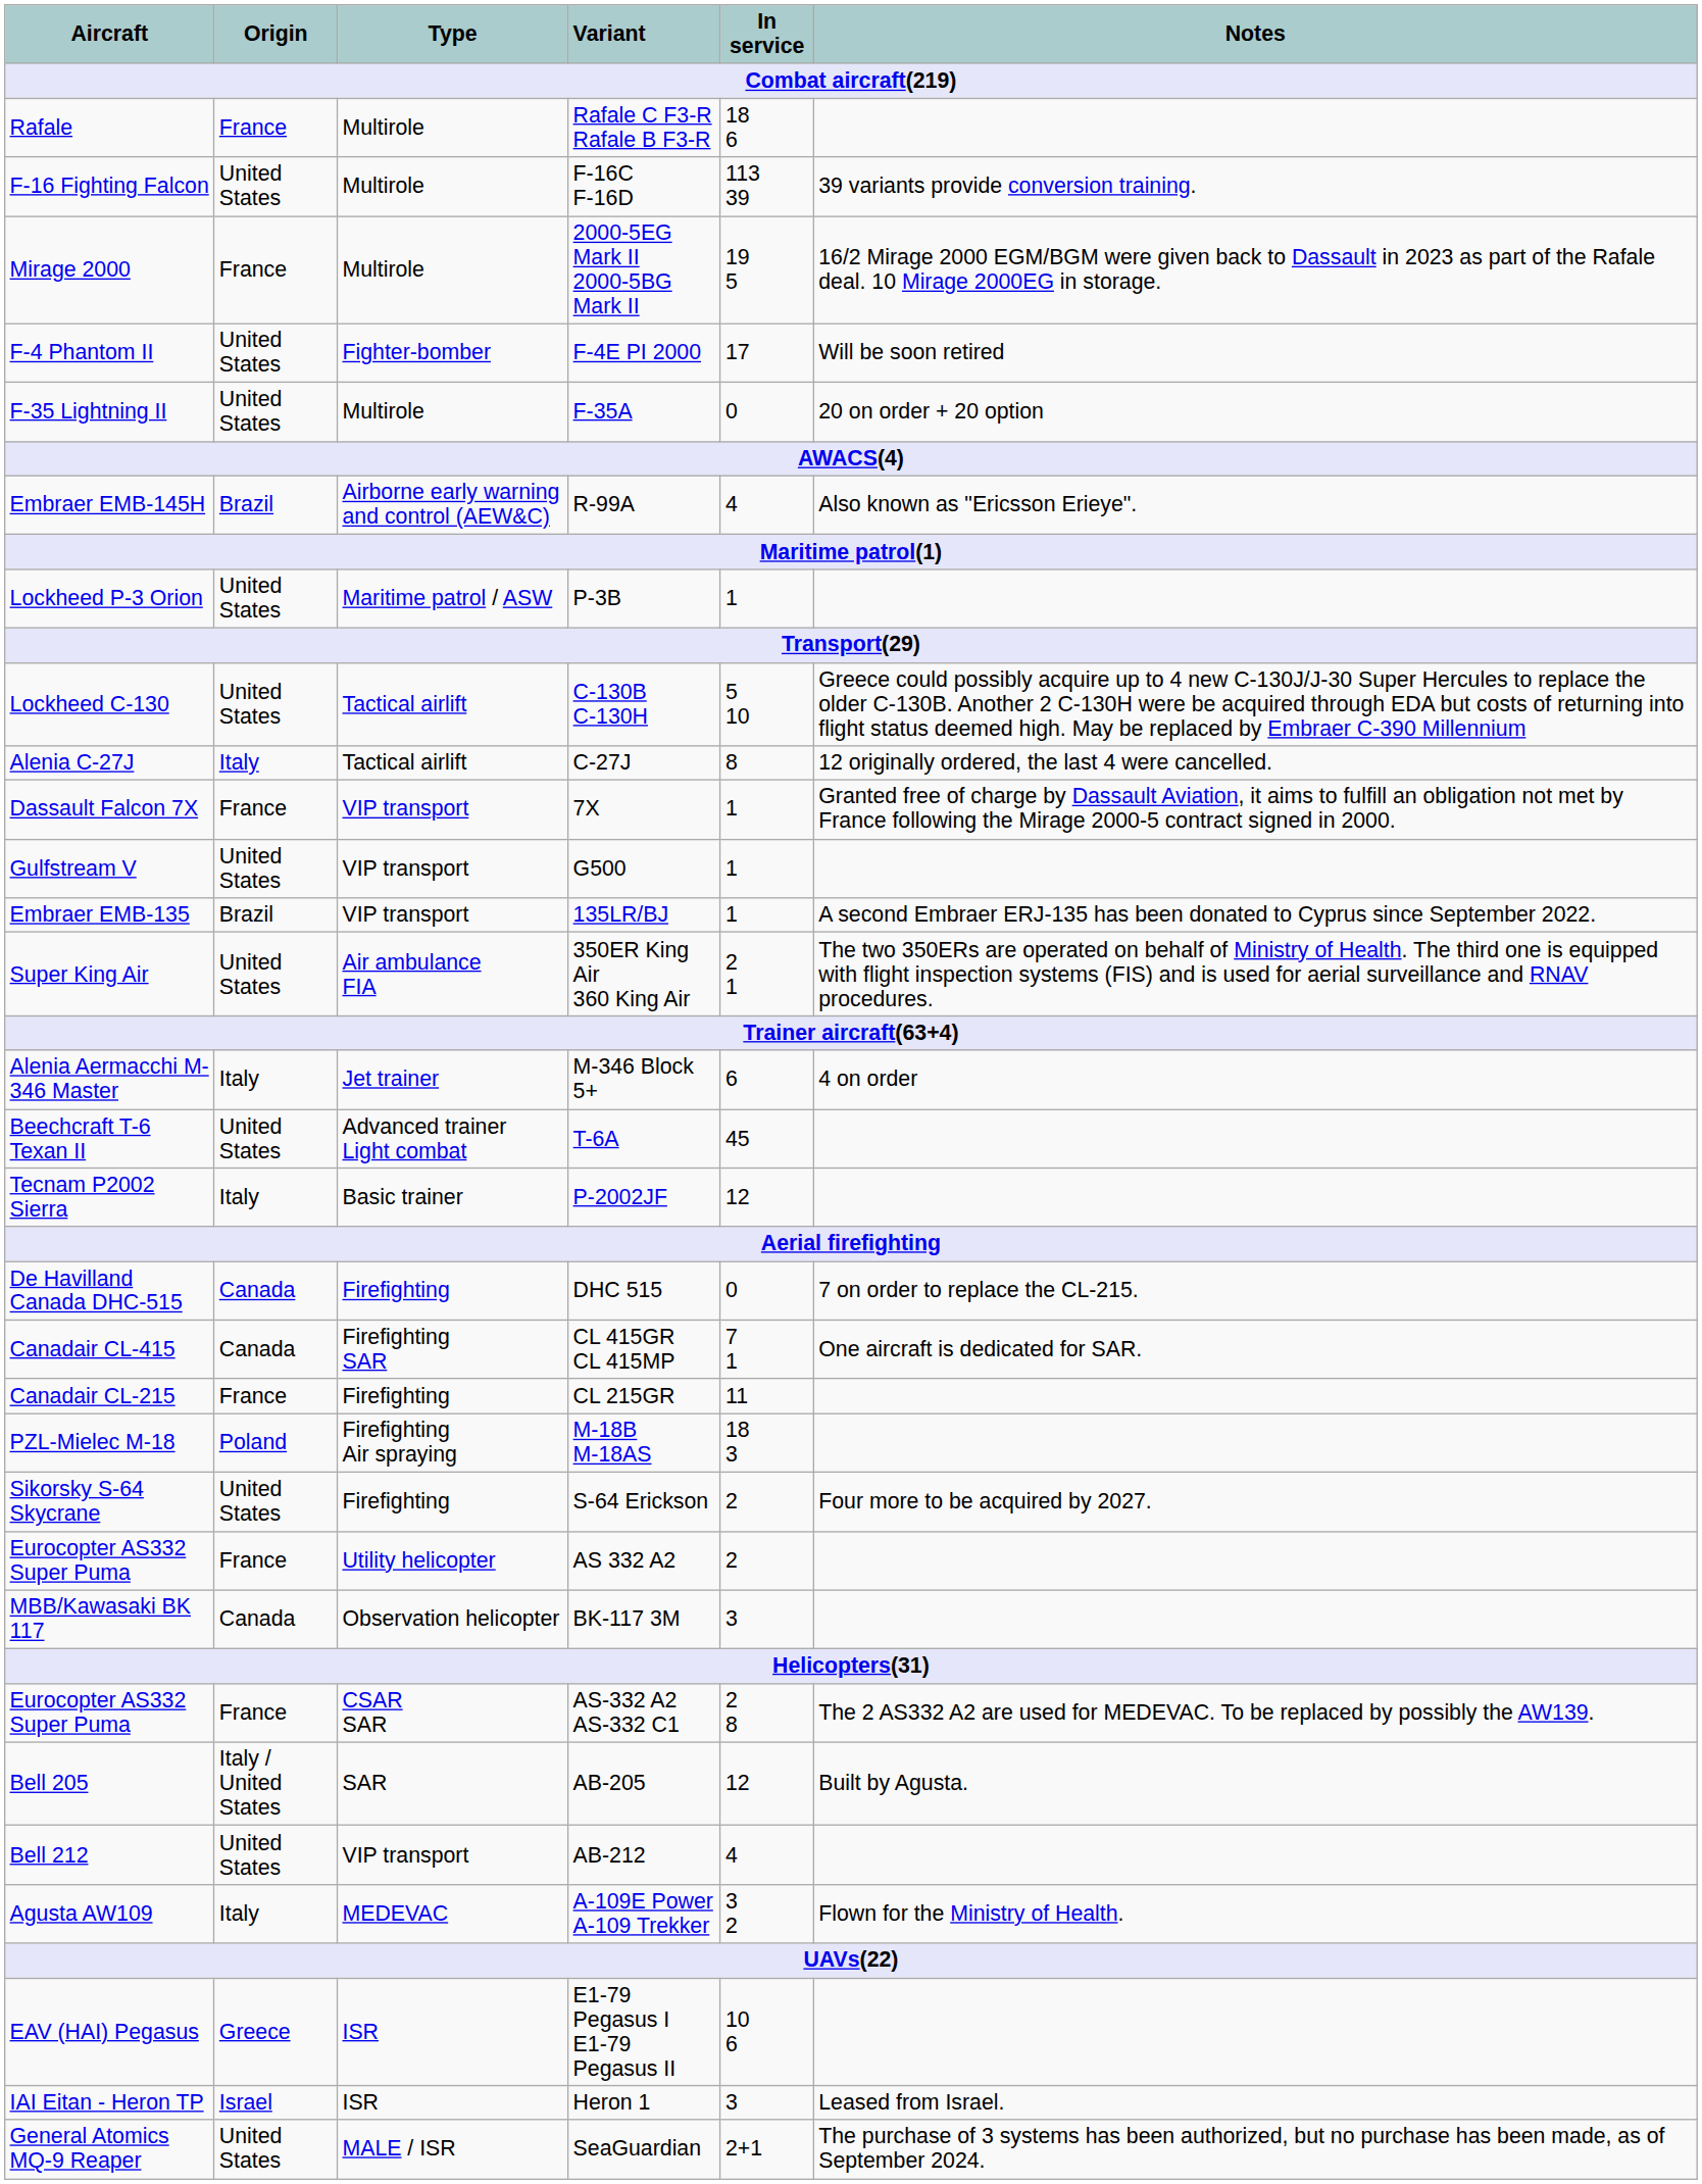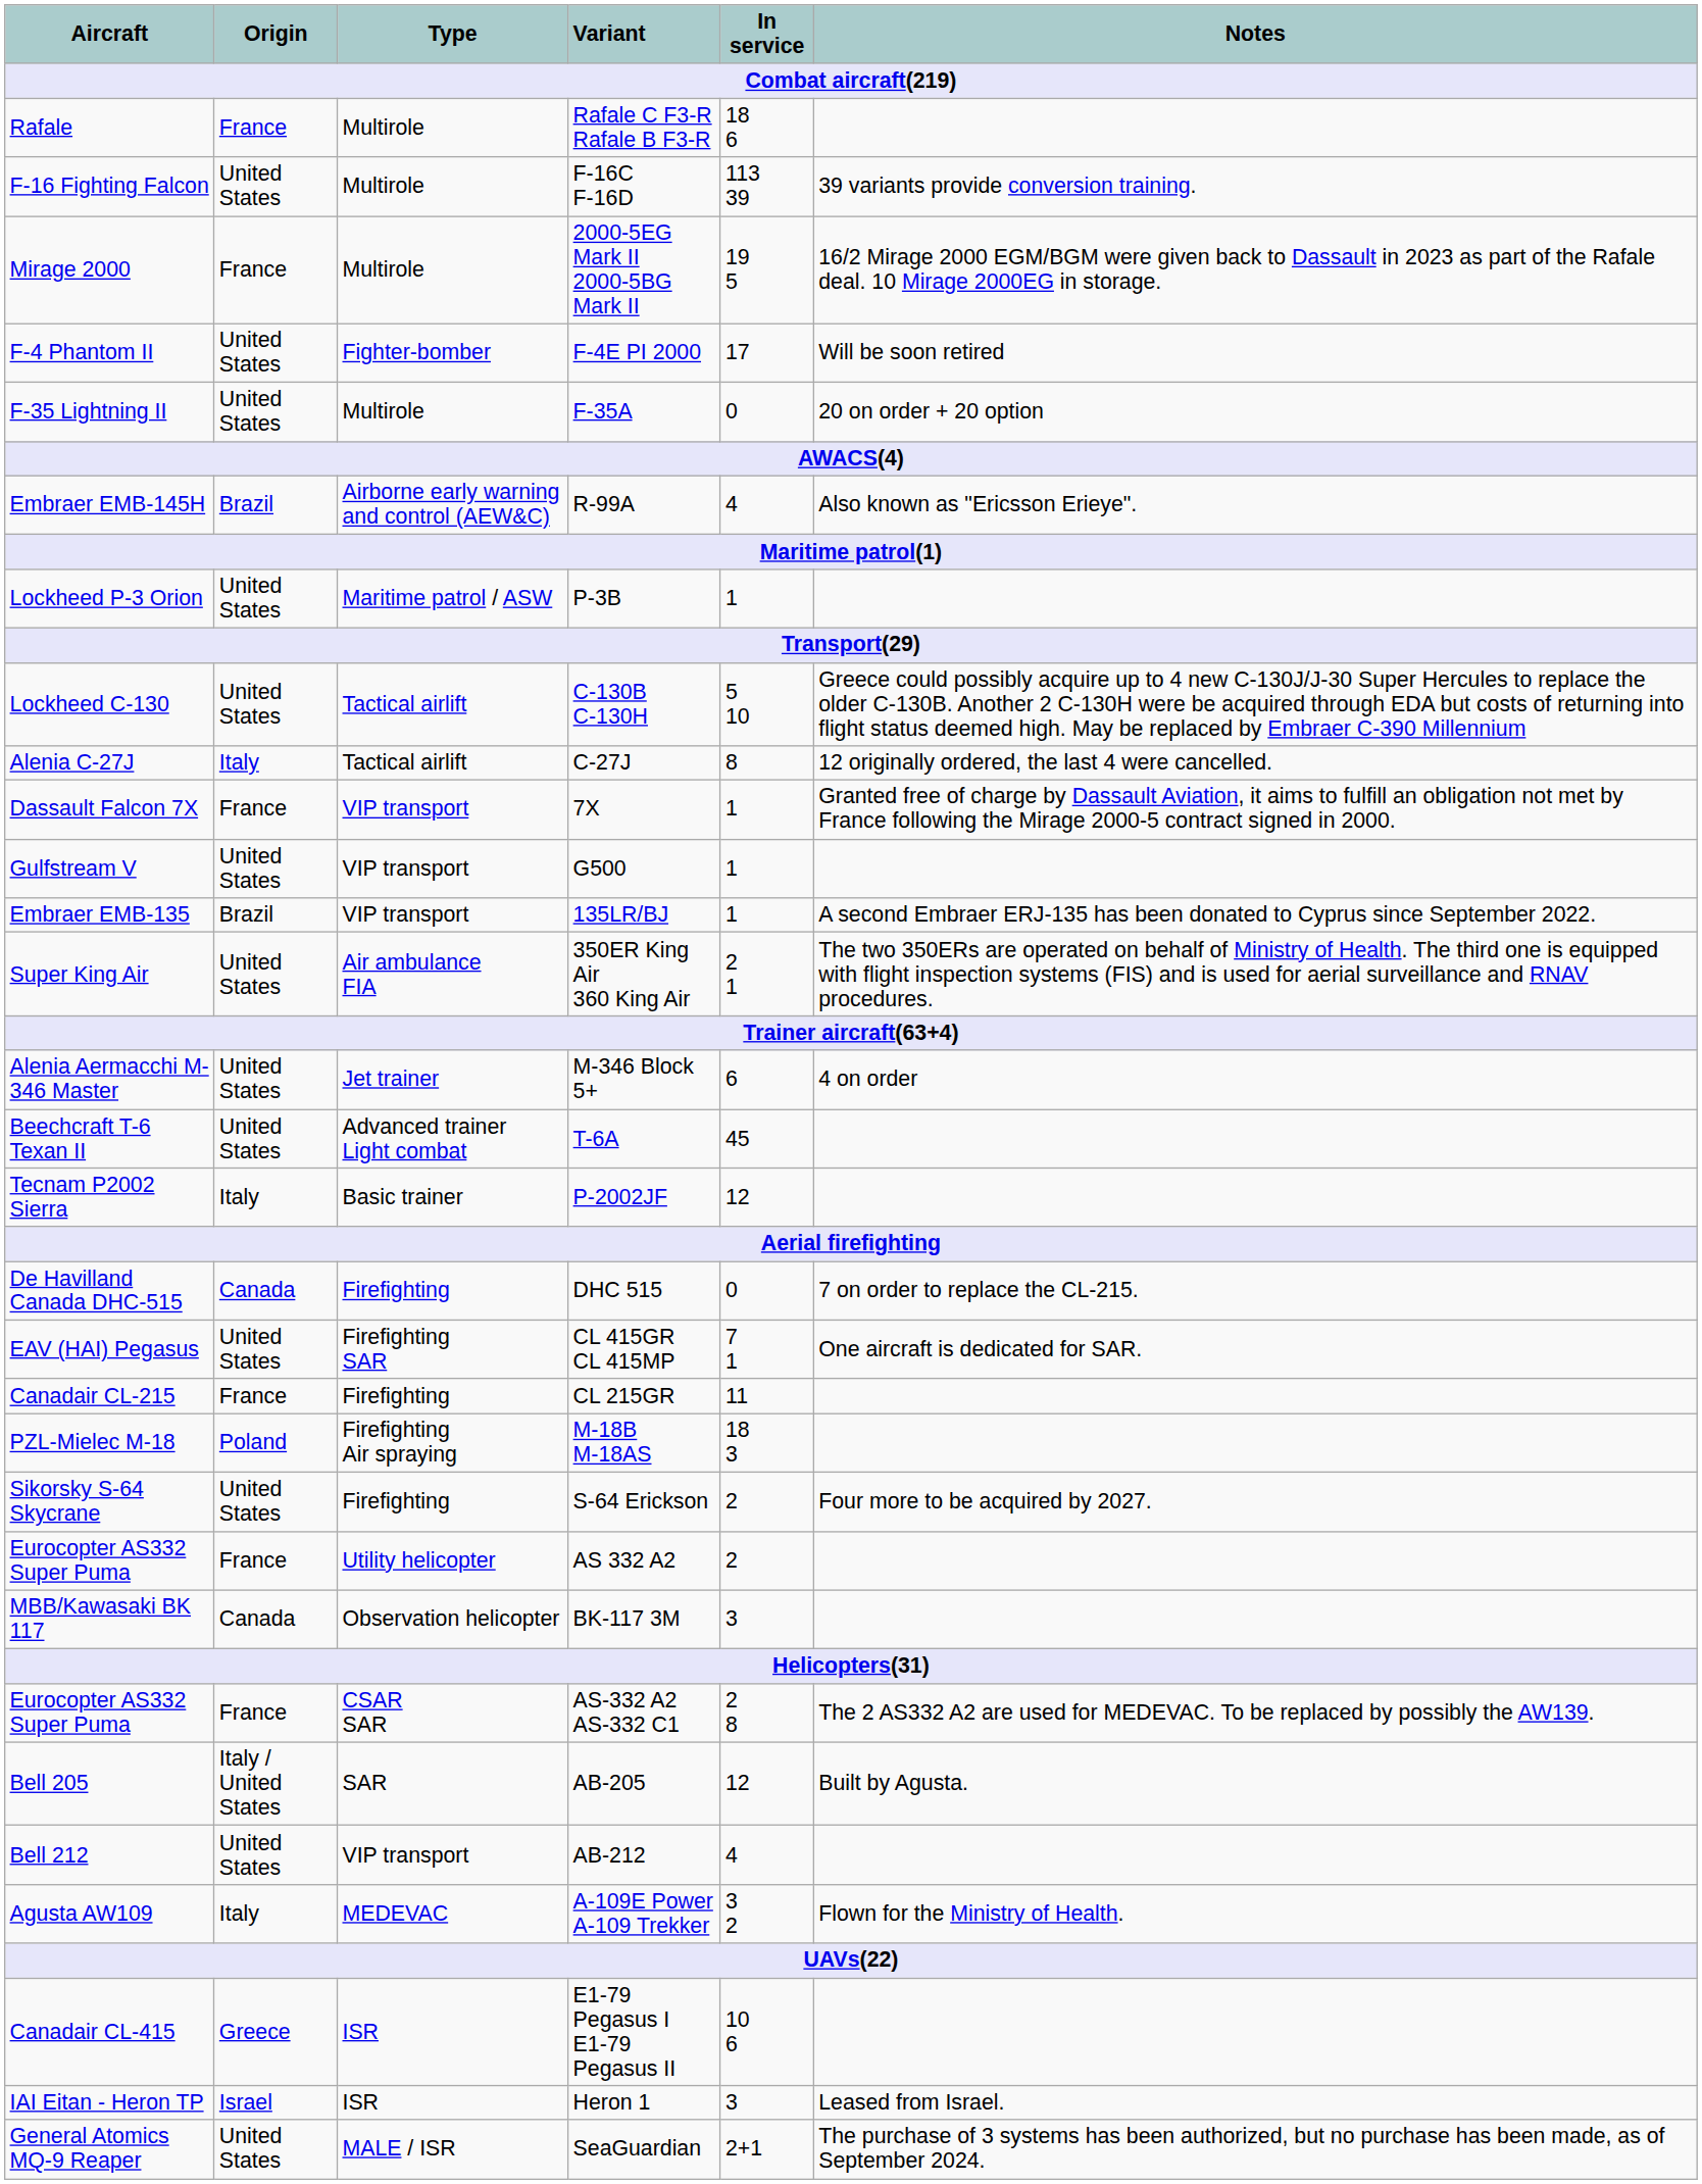 <table class="wikitable">
 <tr>
 <th style="text-align:center; background:#acc;">Aircraft</th>
 <th style="text-align: center; background:#acc;">Origin</th>
 <th style="text-align:l center; background:#acc;">Type</th>
 <th style="text-align:left; background:#acc;">Variant</th>
 <th style="text-align:center; background:#acc;">In service</th>
 <th style="text-align: center; background:#acc;">Notes</th>
 </tr>
 <tr>
 <th style="align: center; background: lavender;" colspan="7"><a href='#'>Combat aircraft</a>(219)</th>
 </tr>
 <tr>
 <td><a href='#'>Rafale</a></td>
 <td><a href='#'>France</a></td>
 <td>Multirole</td>
 <td><a href='#'>Rafale C F3-R</a><br><a href='#'>Rafale B F3-R</a></td>
 <td>18<br>6</td>
 <td></td>
 </tr>
 <tr>
 <td><a href='#'>F-16 Fighting Falcon</a></td>
 <td>United States</td>
 <td>Multirole</td>
 <td>F-16C<br>F-16D</td>
 <td>113<br>39</td>
 <td>39  variants provide <a href='#'>conversion training</a>.</td>
 </tr>
 <tr>
 <td><a href='#'>Mirage 2000</a></td>
 <td>France</td>
 <td>Multirole</td>
 <td><a href='#'>2000-5EG Mark II</a><br><a href='#'>2000-5BG Mark II</a></td>
 <td>19<br>5</td>
 <td>16/2 Mirage 2000 EGM/BGM were given back to <a href='#'>Dassault</a> in 2023 as part of the Rafale deal. 10 <a href='#'>Mirage 2000EG</a> in storage.</td>
 </tr>
 <tr>
 <td><a href='#'>F-4 Phantom II</a></td>
 <td>United States</td>
 <td><a href='#'>Fighter-bomber</a></td>
 <td><a href='#'>F-4E PI 2000</a></td>
 <td>17</td>
 <td>Will be soon retired</td>
 </tr>
 <tr>
 <td><a href='#'>F-35 Lightning II</a></td>
 <td>United States</td>
 <td>Multirole</td>
 <td><a href='#'>F-35A</a></td>
 <td>0</td>
 <td>20 on order + 20 option</td>
 </tr>
 <tr>
 <th style="align: center; background: lavender;" colspan="7"><a href='#'>AWACS</a>(4)</th>
 </tr>
 <tr>
 <td><a href='#'>Embraer EMB-145H</a></td>
 <td><a href='#'>Brazil</a></td>
 <td><a href='#'>Airborne early warning and control (AEW&C)</a></td>
 <td>R-99A</td>
 <td>4</td>
 <td>Also known as "Ericsson Erieye".</td>
 </tr>
 <tr>
 <th colspan="7" style="align: center; background: lavender;"><a href='#'>Maritime patrol</a>(1)</th>
 </tr>
 <tr>
 <td><a href='#'>Lockheed P-3 Orion</a></td>
 <td>United States</td>
 <td><a href='#'>Maritime patrol</a> / <a href='#'>ASW</a></td>
 <td>P-3B</td>
 <td>1</td>
 <td></td>
 </tr>
 <tr>
 <th colspan="7" style="align: center; background: lavender;"><a href='#'>Transport</a>(29)</th>
 </tr>
 <tr>
 <td><a href='#'>Lockheed C-130</a></td>
 <td>United States</td>
 <td><a href='#'>Tactical airlift</a></td>
 <td><a href='#'>C-130B</a><br><a href='#'>C-130H</a></td>
 <td>5<br>10</td>
 <td>Greece could possibly acquire up to 4 new C-130J/J-30 Super Hercules to replace the older C-130B. Another 2 C-130H were be acquired through EDA but costs of returning into flight status deemed high. May be replaced by <a href='#'>Embraer C-390 Millennium</a></td>
 </tr>
 <tr>
 <td><a href='#'>Alenia C-27J</a></td>
 <td><a href='#'>Italy</a></td>
 <td>Tactical airlift</td>
 <td>C-27J</td>
 <td>8</td>
 <td>12 originally ordered, the last 4 were cancelled.</td>
 </tr>
 <tr>
 <td><a href='#'>Dassault Falcon 7X</a></td>
 <td>France</td>
 <td><a href='#'>VIP transport</a></td>
 <td>7X</td>
 <td>1</td>
 <td>Granted free of charge by <a href='#'>Dassault Aviation</a>, it aims to fulfill an obligation not met by France following the Mirage 2000-5 contract signed in 2000.</td>
 </tr>
 <tr>
 <td><a href='#'>Gulfstream V</a></td>
 <td>United States</td>
 <td>VIP transport</td>
 <td>G500</td>
 <td>1</td>
 <td></td>
 </tr>
 <tr>
 <td><a href='#'>Embraer EMB-135</a></td>
 <td>Brazil</td>
 <td>VIP transport</td>
 <td><a href='#'>135LR/BJ</a></td>
 <td>1</td>
 <td>A second Embraer ERJ-135 has been donated to Cyprus since September 2022.</td>
 </tr>
 <tr>
 <td><a href='#'>Super King Air</a></td>
 <td>United States</td>
 <td><a href='#'>Air ambulance</a><br><a href='#'>FIA</a></td>
 <td>350ER King Air<br>360 King Air</td>
 <td>2<br>1</td>
 <td>The two 350ERs are operated on behalf of <a href='#'>Ministry of Health</a>. The third one is equipped with flight inspection systems (FIS) and is used for aerial surveillance and <a href='#'>RNAV</a> procedures.</td>
 </tr>
 <tr>
 <th colspan="7" style="align: center; background: lavender;"><a href='#'>Trainer aircraft</a>(63+4)</th>
 </tr>
 <tr>
 <td><a href='#'>Alenia Aermacchi M-346 Master</a></td>
-<td>Italy</td>
+<td>United States</td>
 <td><a href='#'>Jet trainer</a></td>
 <td>M-346 Block 5+</td>
 <td>6</td>
 <td>4 on order</td>
 </tr>
 <tr>
 <td><a href='#'>Beechcraft T-6 Texan II</a></td>
 <td>United States</td>
 <td>Advanced trainer<br><a href='#'>Light combat</a></td>
 <td><a href='#'>T-6A</a></td>
 <td>45</td>
 <td></td>
 </tr>
 <tr>
 <td><a href='#'>Tecnam P2002 Sierra</a></td>
 <td>Italy</td>
 <td>Basic trainer</td>
 <td><a href='#'>P-2002JF</a></td>
 <td>12</td>
 <td></td>
 </tr>
 <tr>
 <th style="align: center; background: lavender;" colspan="7"><a href='#'>Aerial firefighting</a></th>
 </tr>
 <tr>
 <td><a href='#'>De Havilland Canada DHC-515</a></td>
 <td><a href='#'>Canada</a></td>
 <td><a href='#'>Firefighting</a></td>
 <td>DHC 515</td>
 <td>0</td>
 <td>7 on order to replace the CL-215.</td>
 </tr>
 <tr>
-<td><a href='#'>Canadair CL-415</a></td>
-<td>Canada</td>
+<td><a href='#'>EAV (HAI) Pegasus</a></td>
+<td>United States</td>
 <td>Firefighting<br><a href='#'>SAR</a></td>
 <td>CL 415GR<br>CL 415MP</td>
 <td>7<br>1</td>
 <td>One aircraft is dedicated for SAR.</td>
 </tr>
 <tr>
 <td><a href='#'>Canadair CL-215</a></td>
 <td>France</td>
 <td>Firefighting</td>
 <td>CL 215GR</td>
 <td>11</td>
 <td></td>
 </tr>
 <tr>
 <td><a href='#'>PZL-Mielec M-18</a></td>
 <td><a href='#'>Poland</a></td>
 <td>Firefighting<br>Air spraying</td>
 <td><a href='#'>M-18B</a><br><a href='#'>M-18AS</a></td>
 <td>18<br>3</td>
 <td></td>
 </tr>
 <tr>
 <td><a href='#'>Sikorsky S-64 Skycrane</a></td>
 <td>United States</td>
 <td>Firefighting</td>
 <td>S-64 Erickson</td>
 <td>2</td>
 <td>Four more to be acquired by 2027.</td>
 </tr>
 <tr>
 <td><a href='#'>Eurocopter AS332 Super Puma</a></td>
 <td>France</td>
 <td><a href='#'>Utility helicopter</a></td>
 <td>AS 332 A2</td>
 <td>2</td>
 <td></td>
 </tr>
 <tr>
 <td><a href='#'>MBB/Kawasaki BK 117</a></td>
 <td>Canada</td>
 <td>Observation helicopter</td>
 <td>BK-117 3M</td>
 <td>3</td>
 <td></td>
 </tr>
 <tr>
 <th style="align: center; background: lavender;" colspan="7"><a href='#'>Helicopters</a>(31)</th>
 </tr>
 <tr>
 <td><a href='#'>Eurocopter AS332 Super Puma</a></td>
 <td>France</td>
 <td><a href='#'>CSAR</a><br>SAR</td>
 <td>AS-332 A2<br>AS-332 C1</td>
 <td>2<br>8 </td>
 <td>The 2 AS332 A2 are used for MEDEVAC. To be replaced by possibly the <a href='#'>AW139</a>.</td>
 </tr>
 <tr>
 <td><a href='#'>Bell 205</a></td>
 <td>Italy / United States</td>
 <td>SAR</td>
 <td>AB-205</td>
 <td>12</td>
 <td>Built by Agusta.</td>
 </tr>
 <tr>
 <td><a href='#'>Bell 212</a></td>
 <td>United States</td>
 <td>VIP transport</td>
 <td>AB-212</td>
 <td>4</td>
 <td></td>
 </tr>
 <tr>
 <td><a href='#'>Agusta AW109</a></td>
 <td>Italy</td>
 <td><a href='#'>MEDEVAC</a></td>
 <td><a href='#'>A-109E Power</a><br><a href='#'>A-109 Trekker</a></td>
 <td>3<br>2</td>
 <td>Flown for the <a href='#'>Ministry of Health</a>.</td>
 </tr>
 <tr>
 <th colspan="7" style="align: center; background: lavender;"><a href='#'>UAVs</a>(22)</th>
 </tr>
 <tr>
-<td><a href='#'>EAV (HAI) Pegasus</a></td>
+<td><a href='#'>Canadair CL-415</a></td>
 <td><a href='#'>Greece</a></td>
 <td><a href='#'>ISR</a></td>
 <td>E1-79 Pegasus Ι<br>E1-79 Pegasus II</td>
 <td>10<br>6</td>
 <td></td>
 </tr>
 <tr>
 <td><a href='#'>IAI Eitan - Heron TP</a></td>
 <td><a href='#'>Israel</a></td>
 <td>ISR</td>
 <td>Heron 1</td>
 <td>3</td>
 <td>Leased from Israel.</td>
 </tr>
 <tr>
 <td><a href='#'>General Atomics MQ-9 Reaper</a></td>
 <td>United States</td>
 <td><a href='#'>MALE</a> / ISR</td>
 <td>SeaGuardian</td>
 <td>2+1</td>
 <td>The purchase of 3 systems has been authorized, but no purchase has been made, as of September 2024.</td>
 </tr>
 </table>
